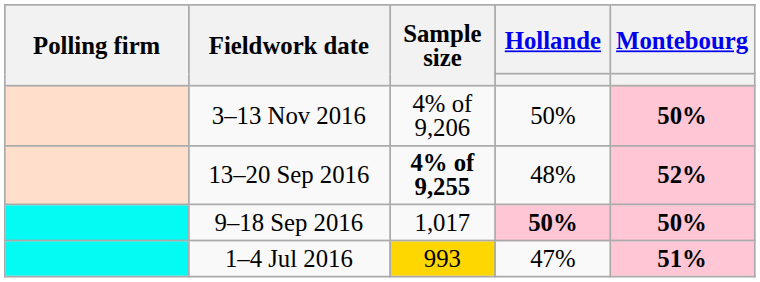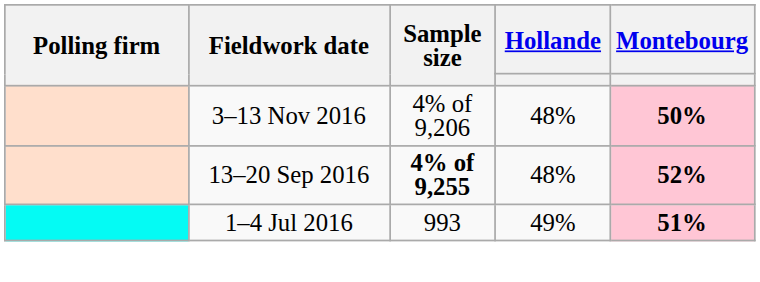 <table class="wikitable sortable" style="text-align:center;font-size:90%;line-height:14px;">
 <tr style="height:40px;">
 <th style="width:100px;" rowspan="2">Polling firm</th>
 <th style="width:110px;" rowspan="2">Fieldwork date</th>
 <th style="width:55px;" rowspan="2">Sample<br>size</th>
 <th class="unsortable" style="width:60px;"><a href='#'>Hollande</a><br></th>
 <th class="unsortable" style="width:60px;"><a href='#'>Montebourg</a><br></th>
 </tr>
 <tr>
 <th style="background:"></th>
 <th style="background:"></th>
 </tr>
 <tr>
 <td style="background:#FFDFCC;"></td>
 <td data-sort-value="2016-11-13">3–13 Nov 2016</td>
 <td data-sort-value="368">4% of 9,206</td>
-<td>50%</td>
+<td>48%</td>
 <td style="background:#FFC6D5;"><strong>50%</strong></td>
 </tr>
 <tr>
 <td style="background:#FFDFCC;"></td>
 <td data-sort-value="2016-09-20">13–20 Sep 2016</td>
 <td data-sort-value="370"><strong>4% of 9,255</strong></td>
 <td>48%</td>
 <td style="background:#FFC6D5;"><strong>52%</strong></td>
 </tr>
 <tr>
 <td style="background:#04FBF4;"></td>
-<td data-sort-value="2016-09-18">9–18 Sep 2016</td>
-<td>1,017</td>
-<td style="background:#FFC6D5;"><strong>50%</strong></td>
-<td style="background:#FFC6D5;"><strong>50%</strong></td>
-</tr>
-<tr>
-<td style="background:#04FBF4;"></td>
 <td data-sort-value="2016-07-04">1–4 Jul 2016</td>
-<td style="background: gold;">993</td>
-<td>47%</td>
+<td>993</td>
+<td>49%</td>
 <td style="background:#FFC6D5;"><strong>51%</strong></td>
 </tr>
 </table>
